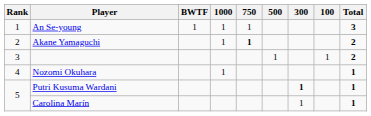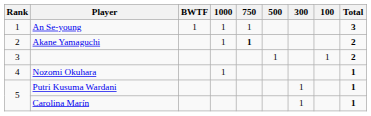 <table class="wikitable" style="font-size:80%; text-align:center">
 <tr>
 <th width="30">Rank</th>
 <th width="200">Player</th>
 <th width="30">BWTF</th>
 <th width="30">1000</th>
 <th width="30">750</th>
 <th width="30">500</th>
 <th width="30">300</th>
 <th width="30">100</th>
 <th width="30">Total</th>
 </tr>
 <tr>
 <td>1</td>
 <td align="left"> <a href='#'>An Se-young</a></td>
 <td>1</td>
 <td>1</td>
 <td>1</td>
 <td></td>
 <td></td>
 <td></td>
 <td><strong>3</strong></td>
 </tr>
 <tr>
 <td>2</td>
 <td align="left"> <a href='#'>Akane Yamaguchi</a></td>
 <td></td>
 <td>1</td>
 <td><strong>1</strong></td>
 <td></td>
 <td></td>
 <td></td>
 <td><strong>2</strong></td>
 </tr>
 <tr>
 <td>3</td>
 <td align="left"></td>
 <td></td>
 <td></td>
 <td></td>
 <td>1</td>
 <td></td>
 <td>1</td>
 <td><strong>2</strong></td>
 </tr>
 <tr>
 <td>4</td>
 <td align="left"> <a href='#'>Nozomi Okuhara</a></td>
 <td></td>
 <td>1</td>
 <td></td>
 <td></td>
 <td></td>
 <td></td>
 <td><strong>1</strong></td>
 </tr>
 <tr>
 <td rowspan="2">5</td>
 <td align="left"> <a href='#'>Putri Kusuma Wardani</a></td>
 <td></td>
 <td></td>
 <td></td>
 <td></td>
-<td><strong>1</strong></td>
+<td>1</td>
 <td></td>
 <td><strong>1</strong></td>
 </tr>
 <tr>
 <td align="left"> <a href='#'>Carolina Marín</a></td>
 <td></td>
 <td></td>
 <td></td>
 <td></td>
 <td>1</td>
 <td></td>
 <td><strong>1</strong></td>
 </tr>
 </table>
